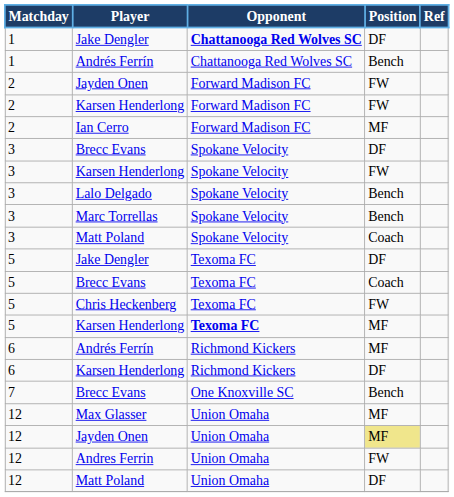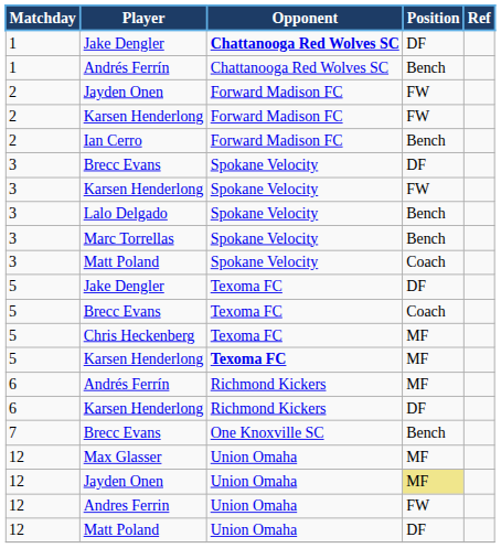 <table class=wikitable>
 <tr>
 <th style="background:#1D3C66; color:#FFFFFF; border:2px solid #5FAFE4;">Matchday</th>
 <th style="background:#1D3C66; color:#FFFFFF; border:2px solid #5FAFE4;">Player</th>
 <th style="background:#1D3C66; color:#FFFFFF; border:2px solid #5FAFE4;">Opponent</th>
 <th style="background:#1D3C66; color:#FFFFFF; border:2px solid #5FAFE4;">Position</th>
 <th style="background:#1D3C66; color:#FFFFFF; border:2px solid #5FAFE4;">Ref</th>
 </tr>
 <tr>
 <td>1</td>
 <td> <a href='#'>Jake Dengler</a></td>
 <td><strong><a href='#'>Chattanooga Red Wolves SC</a></strong></td>
 <td>DF</td>
 <td></td>
 </tr>
 <tr>
 <td>1</td>
 <td> <a href='#'>Andrés Ferrín</a></td>
 <td><a href='#'>Chattanooga Red Wolves SC</a></td>
 <td>Bench</td>
 <td></td>
 </tr>
 <tr>
 <td>2</td>
 <td> <a href='#'>Jayden Onen</a></td>
 <td><a href='#'>Forward Madison FC</a></td>
 <td>FW</td>
 <td></td>
 </tr>
 <tr>
 <td>2</td>
 <td> <a href='#'>Karsen Henderlong</a></td>
 <td><a href='#'>Forward Madison FC</a></td>
 <td>FW</td>
 <td></td>
 </tr>
 <tr>
 <td>2</td>
 <td> <a href='#'>Ian Cerro</a></td>
 <td><a href='#'>Forward Madison FC</a></td>
-<td>MF</td>
+<td>Bench</td>
 <td></td>
 </tr>
 <tr>
 <td>3</td>
 <td> <a href='#'>Brecc Evans</a></td>
 <td><a href='#'>Spokane Velocity</a></td>
 <td>DF</td>
 <td></td>
 </tr>
 <tr>
 <td>3</td>
 <td> <a href='#'>Karsen Henderlong</a></td>
 <td><a href='#'>Spokane Velocity</a></td>
 <td>FW</td>
 <td></td>
 </tr>
 <tr>
 <td>3</td>
 <td> <a href='#'>Lalo Delgado</a></td>
 <td><a href='#'>Spokane Velocity</a></td>
 <td>Bench</td>
 <td></td>
 </tr>
 <tr>
 <td>3</td>
 <td> <a href='#'>Marc Torrellas</a></td>
 <td><a href='#'>Spokane Velocity</a></td>
 <td>Bench</td>
 <td></td>
 </tr>
 <tr>
 <td>3</td>
 <td> <a href='#'>Matt Poland</a></td>
 <td><a href='#'>Spokane Velocity</a></td>
 <td>Coach</td>
 <td></td>
 </tr>
 <tr>
 <td>5</td>
 <td> <a href='#'>Jake Dengler</a></td>
 <td><a href='#'>Texoma FC</a></td>
 <td>DF</td>
 <td></td>
 </tr>
 <tr>
 <td>5</td>
 <td> <a href='#'>Brecc Evans</a></td>
 <td><a href='#'>Texoma FC</a></td>
 <td>Coach</td>
 <td></td>
 </tr>
 <tr>
 <td>5</td>
 <td> <a href='#'>Chris Heckenberg</a></td>
 <td><a href='#'>Texoma FC</a></td>
-<td>FW</td>
+<td>MF</td>
 <td></td>
 </tr>
 <tr>
 <td>5</td>
 <td> <a href='#'>Karsen Henderlong</a></td>
 <td><strong><a href='#'>Texoma FC</a></strong></td>
 <td>MF</td>
 <td></td>
 </tr>
 <tr>
 <td>6</td>
 <td> <a href='#'>Andrés Ferrín</a></td>
 <td><a href='#'>Richmond Kickers</a></td>
 <td>MF</td>
 <td></td>
 </tr>
 <tr>
 <td>6</td>
 <td> <a href='#'>Karsen Henderlong</a></td>
 <td><a href='#'>Richmond Kickers</a></td>
 <td>DF</td>
 <td></td>
 </tr>
 <tr>
 <td>7</td>
 <td> <a href='#'>Brecc Evans</a></td>
 <td><a href='#'>One Knoxville SC</a></td>
 <td>Bench</td>
 <td></td>
 </tr>
 <tr>
 <td>12</td>
 <td> <a href='#'>Max Glasser</a></td>
 <td><a href='#'>Union Omaha</a></td>
 <td>MF</td>
 <td></td>
 </tr>
 <tr>
 <td>12</td>
 <td> <a href='#'>Jayden Onen</a></td>
 <td><a href='#'>Union Omaha</a></td>
 <td style="background: khaki;">MF</td>
 <td></td>
 </tr>
 <tr>
 <td>12</td>
 <td> <a href='#'>Andres Ferrin</a></td>
 <td><a href='#'>Union Omaha</a></td>
 <td>FW</td>
 <td></td>
 </tr>
 <tr>
 <td>12</td>
 <td> <a href='#'>Matt Poland</a></td>
 <td><a href='#'>Union Omaha</a></td>
 <td>DF</td>
 <td></td>
 </tr>
 <tr>
 </tr>
 </table>
